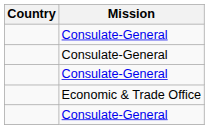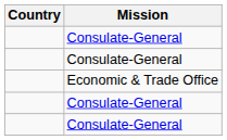 <table class=wikitable>
 <tr>
 <th>Country</th>
 <th>Mission</th>
 </tr>
 <tr>
 <td></td>
 <td><a href='#'>Consulate-General</a></td>
 </tr>
 <tr>
 <td></td>
 <td>Consulate-General</td>
 </tr>
 <tr>
 <td></td>
-<td><a href='#'>Consulate-General</a></td>
-</tr>
-<tr>
-<td></td>
 <td>Economic & Trade Office</td>
 </tr>
 <tr>
 <td></td>
 <td><a href='#'>Consulate-General</a></td>
 </tr>
+<tr>
+<td></td>
+<td><a href='#'>Consulate-General</a></td>
+</tr>
 </table>
